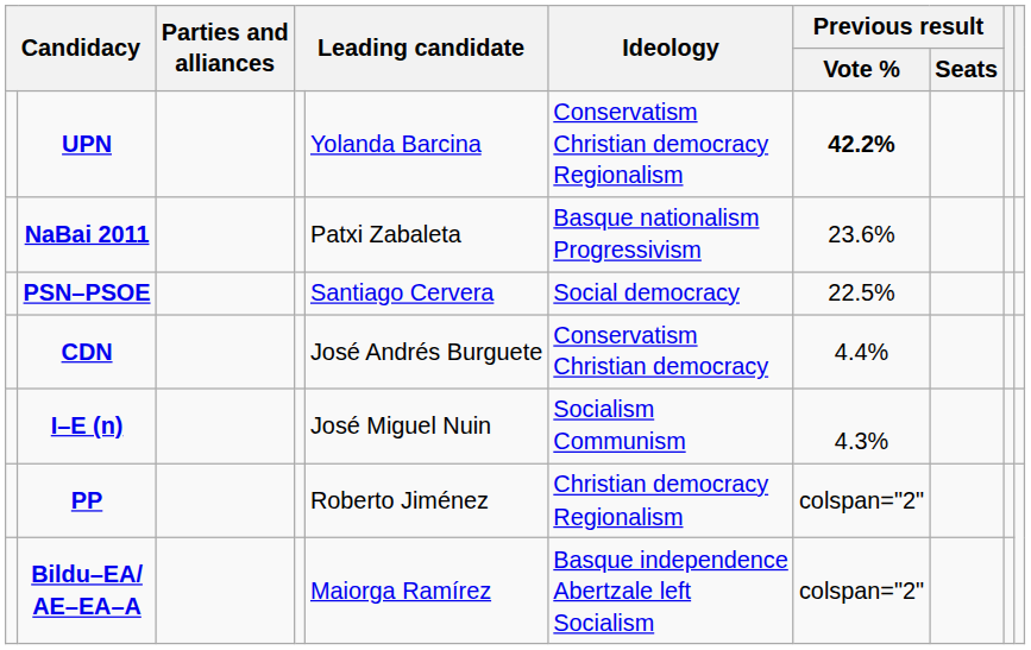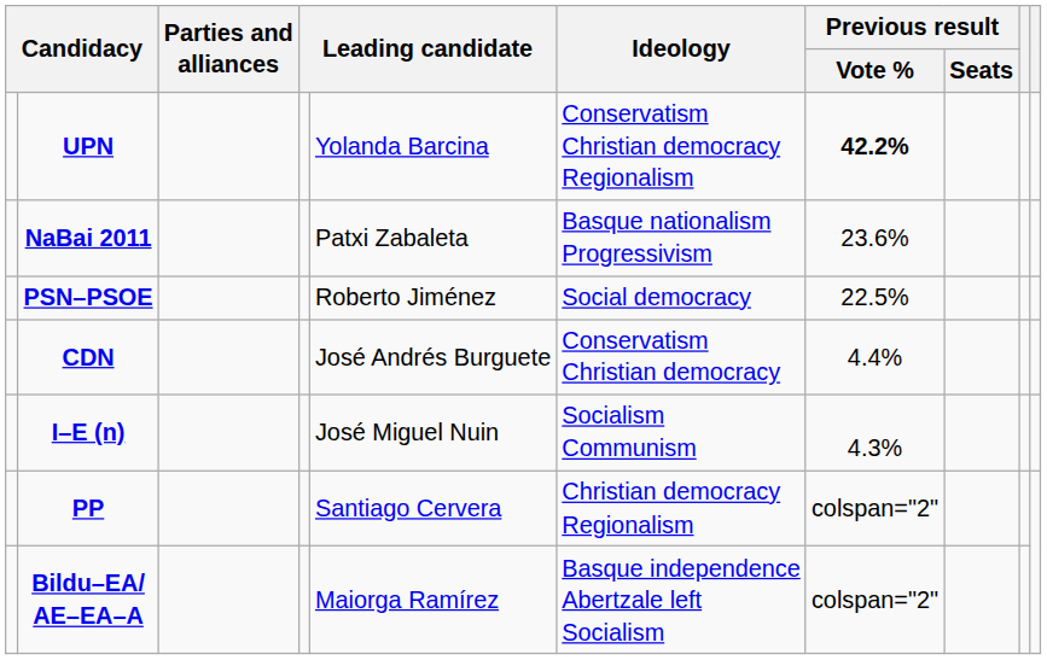 <table class="wikitable" style="line-height:1.35em; text-align:left;">
 <tr>
 <th colspan="2" rowspan="2">Candidacy</th>
 <th rowspan="2">Parties and<br>alliances</th>
 <th colspan="2" rowspan="2">Leading candidate</th>
 <th rowspan="2">Ideology</th>
 <th colspan="2">Previous result</th>
 <th rowspan="2"></th>
 <th rowspan="2"></th>
 </tr>
 <tr>
 <th>Vote %</th>
 <th>Seats</th>
 </tr>
 <tr>
 <td width="1" style="color:inherit;background:"></td>
 <td align="center"><strong><a href='#'>UPN</a></strong></td>
 <td></td>
 <td></td>
 <td><a href='#'>Yolanda Barcina</a></td>
 <td><a href='#'>Conservatism</a><br><a href='#'>Christian democracy</a><br><a href='#'>Regionalism</a></td>
 <td align="center"><strong>42.2%</strong></td>
 <td></td>
 <td></td>
 <td><br></td>
 </tr>
 <tr>
 <td style="color:inherit;background:"></td>
 <td align="center"><strong><a href='#'>NaBai 2011</a></strong></td>
 <td></td>
 <td></td>
 <td>Patxi Zabaleta</td>
 <td><a href='#'>Basque nationalism</a><br><a href='#'>Progressivism</a></td>
 <td align="center">23.6%</td>
 <td></td>
 <td></td>
 <td><br></td>
 </tr>
 <tr>
 <td style="color:inherit;background:"></td>
 <td align="center"><strong><a href='#'>PSN–PSOE</a></strong></td>
 <td></td>
 <td></td>
-<td><a href='#'>Santiago Cervera</a></td>
+<td>Roberto Jiménez</td>
 <td><a href='#'>Social democracy</a></td>
 <td align="center">22.5%</td>
 <td></td>
 <td></td>
 <td></td>
 </tr>
 <tr>
 <td style="color:inherit;background:"></td>
 <td align="center"><strong><a href='#'>CDN</a></strong></td>
 <td></td>
 <td></td>
 <td>José Andrés Burguete</td>
 <td><a href='#'>Conservatism</a><br><a href='#'>Christian democracy</a></td>
 <td align="center">4.4%</td>
 <td></td>
 <td></td>
 <td></td>
 </tr>
 <tr>
 <td style="color:inherit;background:"></td>
 <td align="center"><strong><a href='#'>I–E (n)</a></strong></td>
 <td></td>
 <td></td>
 <td>José Miguel Nuin</td>
 <td><a href='#'>Socialism</a><br><a href='#'>Communism</a></td>
 <td align="center"><br>4.3%<br></td>
 <td></td>
 <td></td>
 <td></td>
 </tr>
 <tr>
 <td style="color:inherit;background:"></td>
 <td align="center"><strong><a href='#'>PP</a></strong></td>
 <td></td>
 <td></td>
-<td>Roberto Jiménez</td>
+<td><a href='#'>Santiago Cervera</a></td>
 <td><a href='#'>Christian democracy</a><br><a href='#'>Regionalism</a></td>
 <td>colspan="2" </td>
 <td></td>
 <td><br><br></td>
 </tr>
 <tr>
 <td style="color:inherit;background:"></td>
 <td align="center"><strong><a href='#'>Bildu–EA/<br>AE–EA–A</a></strong></td>
 <td></td>
 <td></td>
 <td><a href='#'>Maiorga Ramírez</a></td>
 <td><a href='#'>Basque independence</a><br><a href='#'>Abertzale left</a><br><a href='#'>Socialism</a></td>
 <td>colspan="2" </td>
 <td></td>
 <td><br></td>
 </tr>
 </table>
